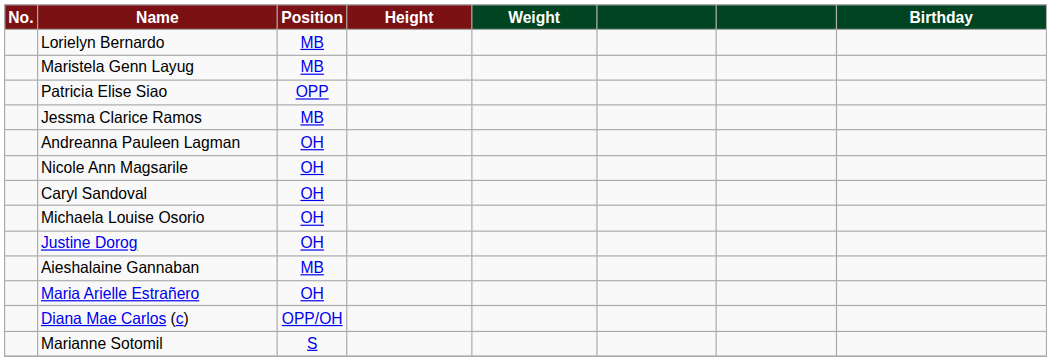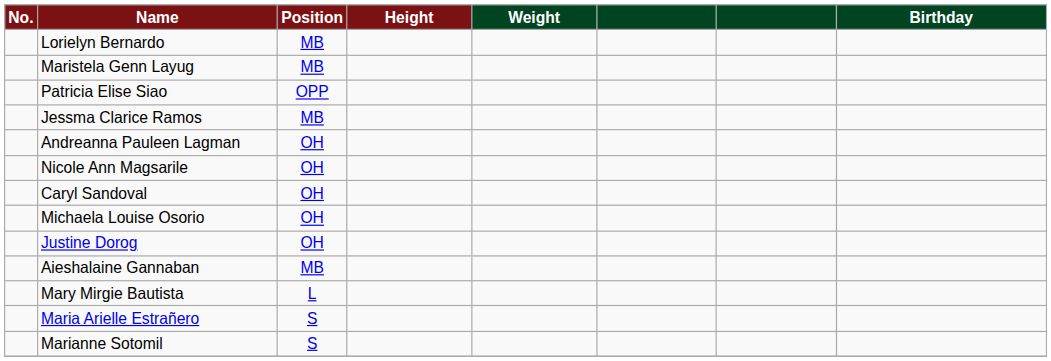 <table class="wikitable sortable" style="font-size:83%; text-align:center; width:100%;">
 <tr>
 <th style="background:#7b1113; color:white; text-align: center">No.</th>
 <th style="width:16em; background:#7b1113; color:white;">Name</th>
 <th style="background:#7b1113; color:white; text-align: center">Position</th>
 <th style="width:8em; background:#7b1113; color:white;">Height</th>
 <th style="width:8em; background:#014421; color:white;">Weight</th>
 <th style="width:8em; background:#014421; color:white;"></th>
 <th style="width:8em; background:#014421; color:white;"></th>
 <th style="width:14em; background:#014421; color:white;">Birthday</th>
 </tr>
 <tr>
 <td></td>
 <td align=left> Lorielyn Bernardo</td>
 <td><a href='#'>MB</a></td>
 <td></td>
 <td></td>
 <td></td>
 <td></td>
 <td align=right></td>
 </tr>
 <tr>
 <td></td>
 <td align=left> Maristela Genn Layug</td>
 <td><a href='#'>MB</a></td>
 <td></td>
 <td></td>
 <td></td>
 <td></td>
 <td align=right></td>
 </tr>
 <tr>
 <td></td>
 <td align=left> Patricia Elise Siao</td>
 <td><a href='#'>OPP</a></td>
 <td></td>
 <td></td>
 <td></td>
 <td></td>
 <td align=right></td>
 </tr>
 <tr>
 <td></td>
 <td align=left> Jessma Clarice Ramos</td>
 <td><a href='#'>MB</a></td>
 <td></td>
 <td></td>
 <td></td>
 <td></td>
 <td align=right></td>
 </tr>
 <tr>
 <td></td>
 <td align=left> Andreanna Pauleen Lagman</td>
 <td><a href='#'>OH</a></td>
 <td></td>
 <td></td>
 <td></td>
 <td></td>
 <td align=right></td>
 </tr>
 <tr>
 <td></td>
 <td align=left> Nicole Ann Magsarile</td>
 <td><a href='#'>OH</a></td>
 <td></td>
 <td></td>
 <td></td>
 <td></td>
 <td align=right></td>
 </tr>
 <tr>
 <td></td>
 <td align=left> Caryl Sandoval</td>
 <td><a href='#'>OH</a></td>
 <td></td>
 <td></td>
 <td></td>
 <td></td>
 <td align=right></td>
 </tr>
 <tr>
 <td></td>
 <td align=left> Michaela Louise Osorio</td>
 <td><a href='#'>OH</a></td>
 <td></td>
 <td></td>
 <td></td>
 <td></td>
 <td align=right></td>
 </tr>
 <tr>
 <td></td>
 <td align=left> <a href='#'>Justine Dorog</a></td>
 <td><a href='#'>OH</a></td>
 <td></td>
 <td></td>
 <td></td>
 <td></td>
 <td align=right></td>
 </tr>
 <tr>
 <td></td>
 <td align=left> Aieshalaine Gannaban</td>
 <td><a href='#'>MB</a></td>
 <td></td>
 <td></td>
 <td></td>
 <td></td>
 <td align=right></td>
 </tr>
 <tr>
 <td></td>
-<td align=left> <a href='#'>Maria Arielle Estrañero</a></td>
-<td><a href='#'>OH</a></td>
+<td align=left> Mary Mirgie Bautista</td>
+<td><a href='#'>L</a></td>
 <td></td>
 <td></td>
 <td></td>
 <td></td>
 <td align=right></td>
 </tr>
 <tr>
 <td></td>
-<td align=left> <a href='#'>Diana Mae Carlos</a> (<a href='#'>c</a>)</td>
-<td><a href='#'>OPP/OH</a></td>
+<td align=left> <a href='#'>Maria Arielle Estrañero</a></td>
+<td><a href='#'>S</a></td>
 <td></td>
 <td></td>
 <td></td>
 <td></td>
 <td align=right></td>
 </tr>
 <tr>
 <td></td>
 <td align=left> Marianne Sotomil</td>
 <td><a href='#'>S</a></td>
 <td></td>
 <td></td>
 <td></td>
 <td></td>
 <td align=right></td>
 </tr>
 <tr>
 </tr>
 </table>
